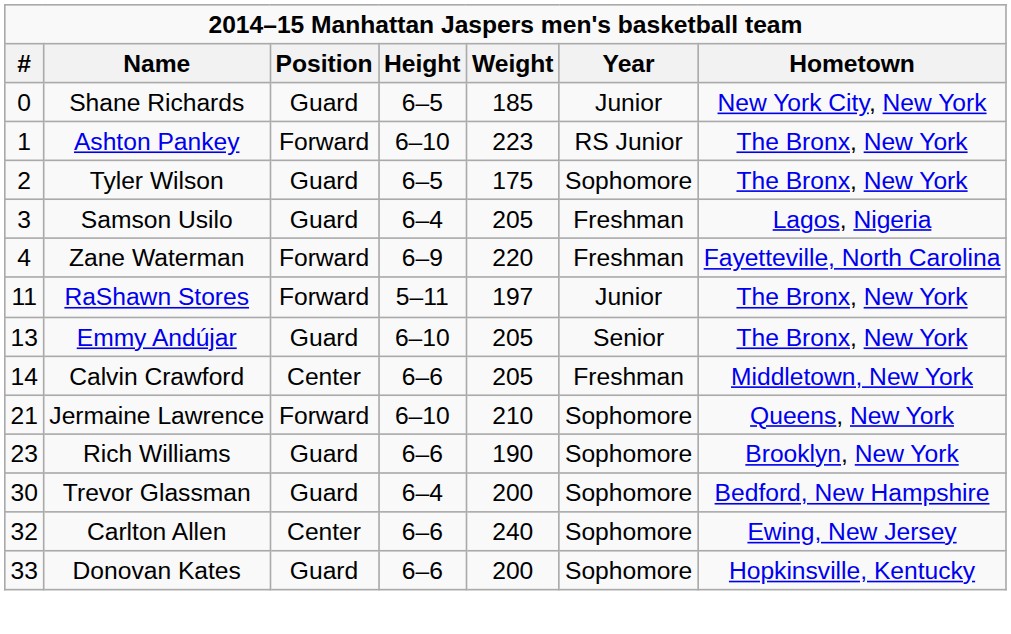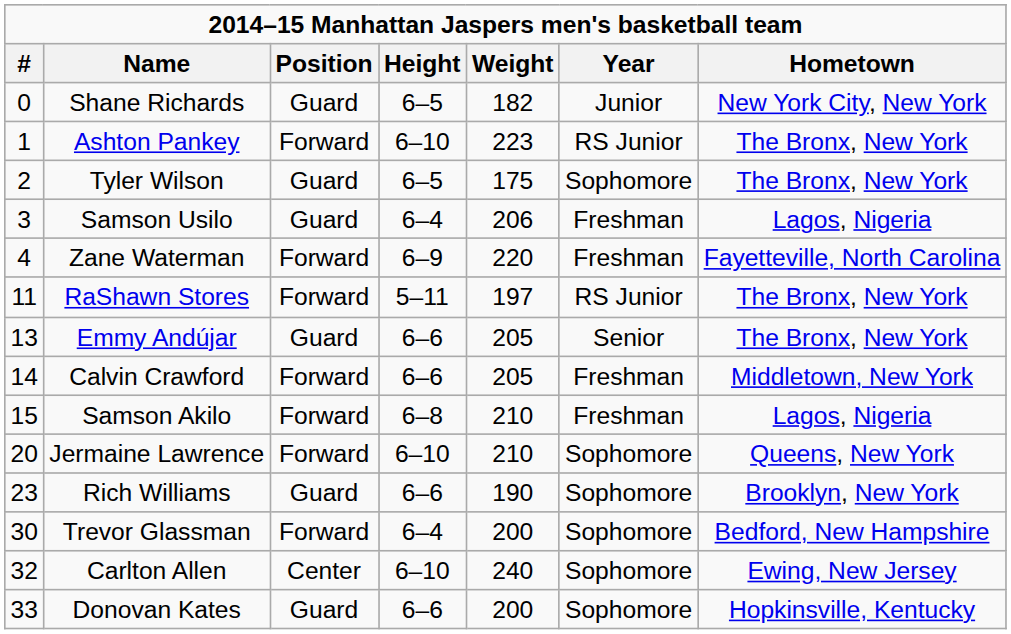 <table class="wikitable sortable" style="font-size: 95%; text-align:center;">
 <tr>
 <td colspan="7"><strong>2014–15 Manhattan Jaspers men's basketball team</strong></td>
 </tr>
 <tr>
 <th>#</th>
 <th>Name</th>
 <th>Position</th>
 <th>Height</th>
 <th>Weight</th>
 <th>Year</th>
 <th>Hometown</th>
 </tr>
 <tr>
 <td>0</td>
 <td>Shane Richards</td>
 <td>Guard</td>
 <td>6–5</td>
-<td>185</td>
+<td>182</td>
 <td>Junior</td>
 <td><a href='#'>New York City</a>, <a href='#'>New York</a></td>
 </tr>
 <tr>
 <td>1</td>
 <td><a href='#'>Ashton Pankey</a></td>
 <td>Forward</td>
 <td>6–10</td>
 <td>223</td>
 <td>RS Junior</td>
 <td><a href='#'>The Bronx</a>, <a href='#'>New York</a></td>
 </tr>
 <tr>
 <td>2</td>
 <td>Tyler Wilson</td>
 <td>Guard</td>
 <td>6–5</td>
 <td>175</td>
 <td>Sophomore</td>
 <td><a href='#'>The Bronx</a>, <a href='#'>New York</a></td>
 </tr>
 <tr>
 <td>3</td>
 <td>Samson Usilo</td>
 <td>Guard</td>
 <td>6–4</td>
-<td>205</td>
+<td>206</td>
 <td>Freshman</td>
 <td><a href='#'>Lagos</a>, <a href='#'>Nigeria</a></td>
 </tr>
 <tr>
 <td>4</td>
 <td>Zane Waterman</td>
 <td>Forward</td>
 <td>6–9</td>
 <td>220</td>
 <td>Freshman</td>
 <td><a href='#'>Fayetteville, North Carolina</a></td>
 </tr>
 <tr>
 <td>11</td>
 <td><a href='#'>RaShawn Stores</a></td>
 <td>Forward</td>
 <td>5–11</td>
 <td>197</td>
-<td>Junior</td>
+<td>RS Junior</td>
 <td><a href='#'>The Bronx</a>, <a href='#'>New York</a></td>
 </tr>
 <tr>
 <td>13</td>
 <td><a href='#'>Emmy Andújar</a></td>
 <td>Guard</td>
-<td>6–10</td>
+<td>6–6</td>
 <td>205</td>
 <td>Senior</td>
 <td><a href='#'>The Bronx</a>, <a href='#'>New York</a></td>
 </tr>
 <tr>
 <td>14</td>
 <td>Calvin Crawford</td>
-<td>Center</td>
+<td>Forward</td>
 <td>6–6</td>
 <td>205</td>
 <td>Freshman</td>
 <td><a href='#'>Middletown, New York</a></td>
 </tr>
 <tr>
-<td>21</td>
+<td>15</td>
+<td>Samson Akilo</td>
+<td>Forward</td>
+<td>6–8</td>
+<td>210</td>
+<td>Freshman</td>
+<td><a href='#'>Lagos</a>, <a href='#'>Nigeria</a></td>
+</tr>
+<tr>
+<td>20</td>
 <td>Jermaine Lawrence</td>
 <td>Forward</td>
 <td>6–10</td>
 <td>210</td>
 <td>Sophomore</td>
 <td><a href='#'>Queens</a>, <a href='#'>New York</a></td>
 </tr>
 <tr>
 <td>23</td>
 <td>Rich Williams</td>
 <td>Guard</td>
 <td>6–6</td>
 <td>190</td>
 <td>Sophomore</td>
 <td><a href='#'>Brooklyn</a>, <a href='#'>New York</a></td>
 </tr>
 <tr>
 <td>30</td>
 <td>Trevor Glassman</td>
-<td>Guard</td>
+<td>Forward</td>
 <td>6–4</td>
 <td>200</td>
 <td>Sophomore</td>
 <td><a href='#'>Bedford, New Hampshire</a></td>
 </tr>
 <tr>
 <td>32</td>
 <td>Carlton Allen</td>
 <td>Center</td>
-<td>6–6</td>
+<td>6–10</td>
 <td>240</td>
 <td>Sophomore</td>
 <td><a href='#'>Ewing, New Jersey</a></td>
 </tr>
 <tr>
 <td>33</td>
 <td>Donovan Kates</td>
 <td>Guard</td>
 <td>6–6</td>
 <td>200</td>
 <td>Sophomore</td>
 <td><a href='#'>Hopkinsville, Kentucky</a></td>
 </tr>
 </table>
